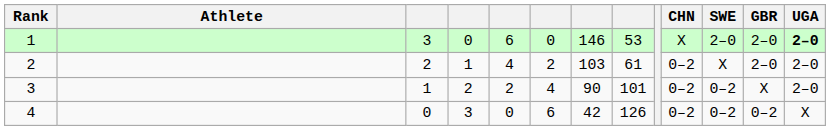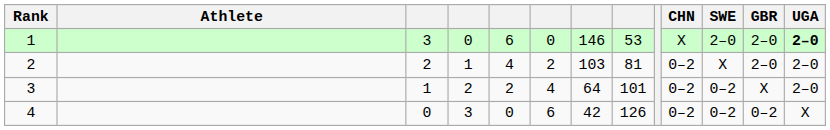 <table class="wikitable" style="text-align:center">
 <tr>
 <th width=40>Rank</th>
 <th width=300>Athlete</th>
 <th width=30></th>
 <th width=30></th>
 <th width=30></th>
 <th width=30></th>
 <th width=30></th>
 <th width=30></th>
 <th rowspan=5></th>
 <th width=30>CHN</th>
 <th width=30>SWE</th>
 <th width=30>GBR</th>
 <th width=30>UGA</th>
 </tr>
 <tr style="background-color:#ccffcc;">
 <td>1</td>
 <td align=left></td>
 <td>3</td>
 <td>0</td>
 <td>6</td>
 <td>0</td>
 <td>146</td>
 <td>53</td>
 <td>X</td>
 <td>2–0</td>
 <td>2–0</td>
 <td><strong>2–0</strong></td>
 </tr>
 <tr>
 <td>2</td>
 <td align=left></td>
 <td>2</td>
 <td>1</td>
 <td>4</td>
 <td>2</td>
 <td>103</td>
-<td>61</td>
+<td>81</td>
 <td>0–2</td>
 <td>X</td>
 <td>2–0</td>
 <td>2–0</td>
 </tr>
 <tr>
 <td>3</td>
 <td align=left></td>
 <td>1</td>
 <td>2</td>
 <td>2</td>
 <td>4</td>
-<td>90</td>
+<td>64</td>
 <td>101</td>
 <td>0–2</td>
 <td>0–2</td>
 <td>X</td>
 <td>2–0</td>
 </tr>
 <tr>
 <td>4</td>
 <td align=left></td>
 <td>0</td>
 <td>3</td>
 <td>0</td>
 <td>6</td>
 <td>42</td>
 <td>126</td>
 <td>0–2</td>
 <td>0–2</td>
 <td>0–2</td>
 <td>X</td>
 </tr>
 </table>
